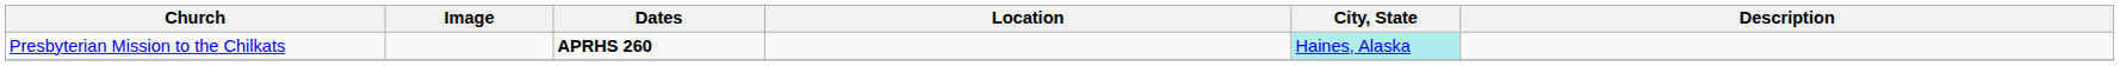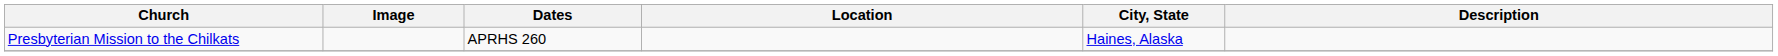 <table class="wikitable sortable" style="width:98%">
 <tr>
 <th width = 18%><strong>Church</strong></th>
 <th width = 8% class="unsortable"><strong>Image</strong></th>
 <th width = 10%><strong>Dates</strong></th>
 <th width = 25%><strong>Location</strong></th>
 <th width = 8%><strong>City, State</strong></th>
 <th class="unsortable"><strong>Description</strong></th>
 </tr>
 <tr>
 <td><a href='#'>Presbyterian Mission to the Chilkats</a></td>
 <td></td>
-<td><strong>APRHS 260</strong></td>
+<td>APRHS 260</td>
 <td></td>
-<td style="background: paleturquoise;"><a href='#'>Haines, Alaska</a></td>
+<td><a href='#'>Haines, Alaska</a></td>
 <td></td>
 </tr>
 <tr>
 </tr>
 </table>
